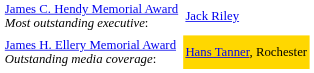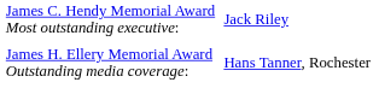 <table cellpadding="3" cellspacing="3">
 <tr>
 <td><a href='#'>James C. Hendy Memorial Award</a><br><em>Most outstanding executive</em>:</td>
 <td><a href='#'>Jack Riley</a></td>
 </tr>
 <tr>
 <td><a href='#'>James H. Ellery Memorial Award</a> <br><em>Outstanding media coverage</em>:</td>
-<td style="background: gold;"><a href='#'>Hans Tanner</a>, Rochester</td>
+<td><a href='#'>Hans Tanner</a>, Rochester</td>
 </tr>
 </table>
